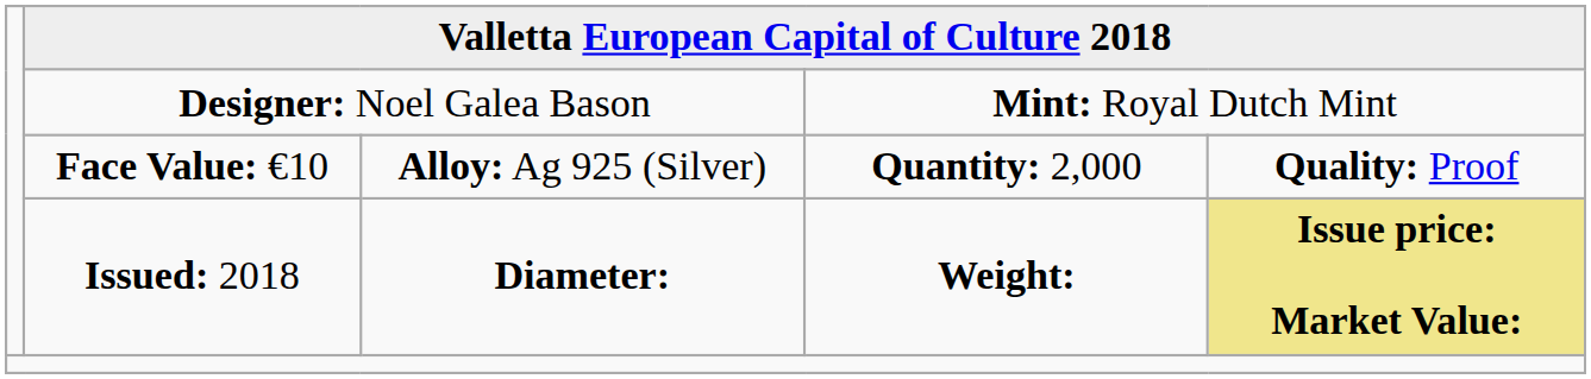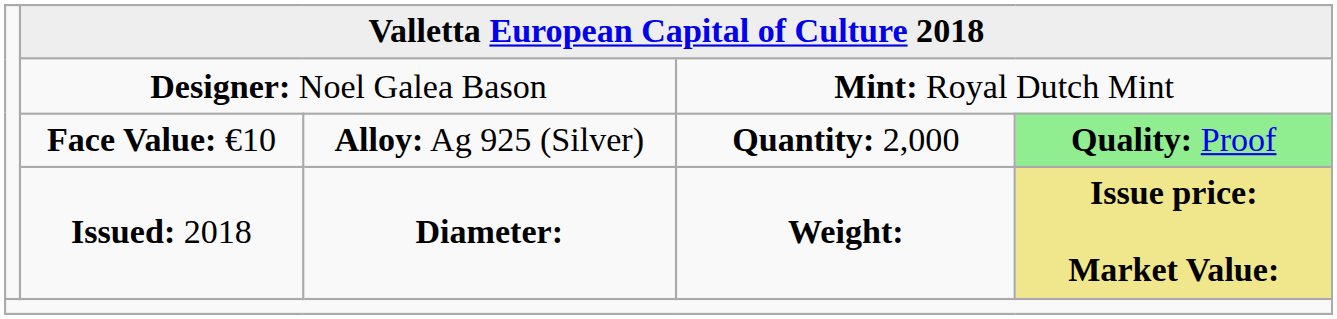 <table class="wikitable" width=100%>
 <tr>
 <td rowspan=4 width="330px" nowrap align=center></td>
 <th colspan="4" align=center style="background:#eeeeee;">Valletta <a href='#'>European Capital of Culture</a> 2018</th>
 </tr>
 <tr>
 <td colspan="2" width="50%" align=center><strong>Designer:</strong> Noel Galea Bason</td>
 <td colspan="2" width="50%" align=center><strong>Mint:</strong> Royal Dutch Mint</td>
 </tr>
 <tr>
 <td align=center><strong>Face Value:</strong> €10</td>
 <td align=center><strong>Alloy:</strong> Ag 925 (Silver)</td>
 <td align=center><strong>Quantity:</strong> 2,000</td>
-<td align=center><strong>Quality:</strong> <a href='#'>Proof</a></td>
+<td align=center style="background: lightgreen;"><strong>Quality:</strong> <a href='#'>Proof</a></td>
 </tr>
 <tr>
 <td align=center><strong>Issued:</strong> 2018</td>
 <td align=center><strong>Diameter:</strong> </td>
 <td align=center><strong>Weight:</strong> </td>
 <td align=center style="background: khaki;"><strong>Issue price:</strong><br><br> <strong>Market Value:</strong></td>
 </tr>
 <tr>
 <td colspan="5" align=left></td>
 </tr>
 </table>
